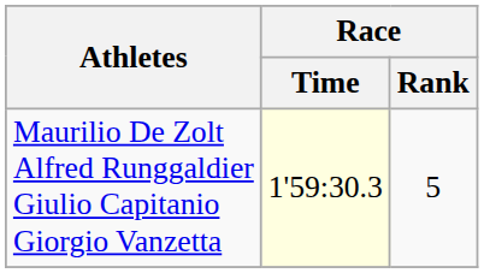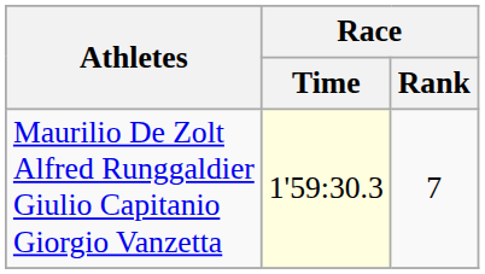 <table class="wikitable" border="1" style="font-size:90%">
 <tr>
 <th rowspan=2>Athletes</th>
 <th colspan=2>Race</th>
 </tr>
 <tr>
 <th>Time</th>
 <th>Rank</th>
 </tr>
 <tr>
 <td><a href='#'>Maurilio De Zolt</a><br><a href='#'>Alfred Runggaldier</a><br><a href='#'>Giulio Capitanio</a><br><a href='#'>Giorgio Vanzetta</a></td>
 <td align=center style="background: lightyellow;">1'59:30.3</td>
-<td align=center>5</td>
+<td align=center>7</td>
 </tr>
 </table>
